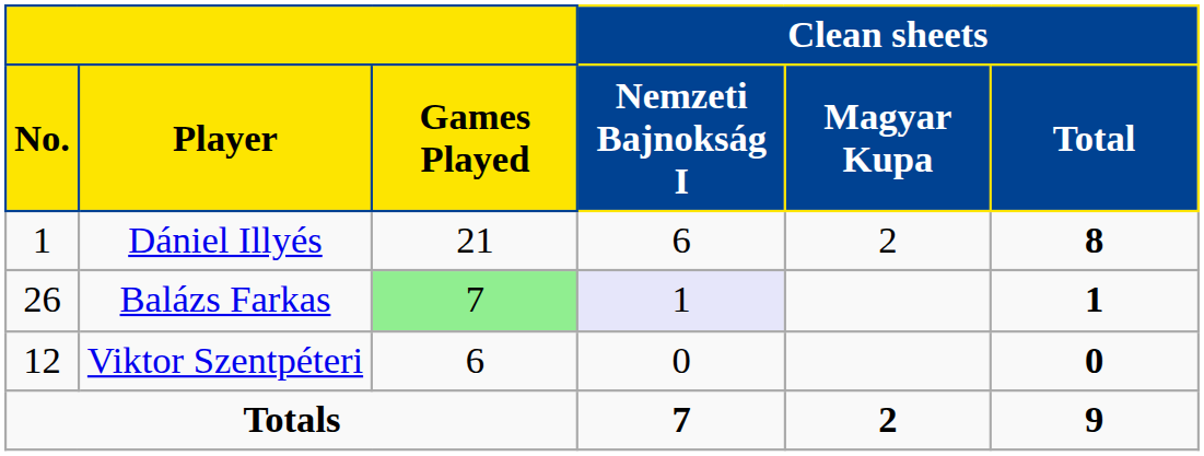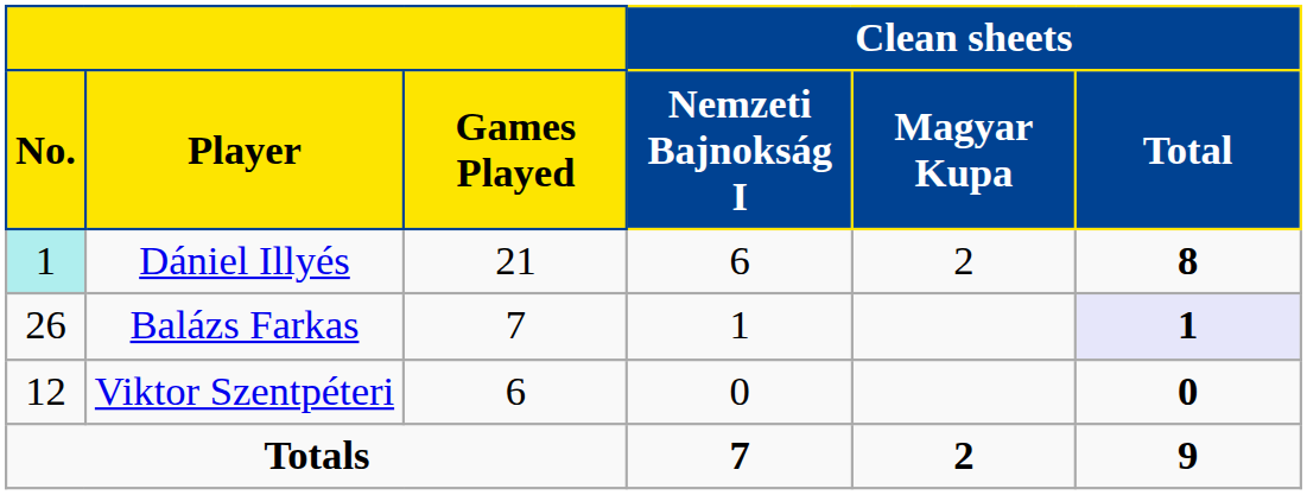 <table class="wikitable sortable alternance" style="text-align:center">
 <tr>
 <th colspan="3" style="background:#FDE500;border:1px solid #004292"></th>
 <th colspan="4" style="background:#004292;color:white;border:1px solid #FDE500">Clean sheets</th>
 </tr>
 <tr>
 <th style="background-color:#FDE500;color:black;border:1px solid #004292">No.</th>
 <th style="background-color:#FDE500;color:black;border:1px solid #004292">Player</th>
 <th width=80 style="background-color:#FDE500;color:black;border:1px solid #004292">Games Played</th>
 <th width=80 style="background-color:#004292;color:white;border:1px solid #FDE500">Nemzeti Bajnokság I</th>
 <th width=80 style="background-color:#004292;color:white;border:1px solid #FDE500">Magyar Kupa</th>
 <th width=80 style="background-color:#004292;color:white;border:1px solid #FDE500">Total</th>
 </tr>
 <tr>
-<td>1</td>
+<td style="background: paleturquoise;">1</td>
 <td> <a href='#'>Dániel Illyés</a></td>
 <td>21</td>
 <td>6</td>
 <td>2</td>
 <td><strong>8</strong></td>
 </tr>
 <tr>
 <td>26</td>
 <td> <a href='#'>Balázs Farkas</a></td>
-<td style="background: lightgreen;">7</td>
-<td style="background: lavender;">1</td>
+<td>7</td>
+<td>1</td>
 <td></td>
-<td><strong>1</strong></td>
+<td style="background: lavender;"><strong>1</strong></td>
 </tr>
 <tr>
 <td>12</td>
 <td> <a href='#'>Viktor Szentpéteri</a></td>
 <td>6</td>
 <td>0</td>
 <td></td>
 <td><strong>0</strong></td>
 </tr>
 <tr class="sortbottom">
 <td colspan="3"><strong>Totals</strong></td>
 <td><strong>7</strong></td>
 <td><strong>2</strong></td>
 <td><strong>9</strong></td>
 </tr>
 </table>
